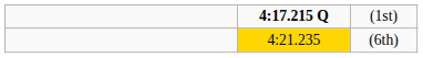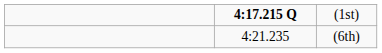 <table class="wikitable" style="text-align:center;">
 <tr>
 <td style="width:15em" align=left></td>
 <td style="width:7em;"><strong>4:17.215 Q</strong></td>
 <td style="width:4em;">(1st)</td>
 </tr>
 <tr>
 <td align=left></td>
-<td style="background: gold;">4:21.235</td>
+<td>4:21.235</td>
 <td>(6th)</td>
 </tr>
 </table>
